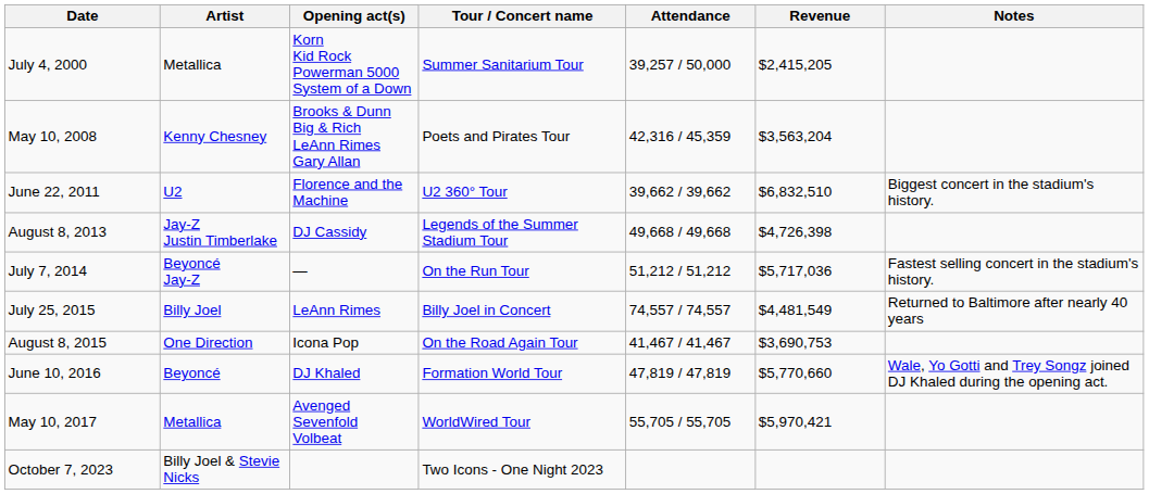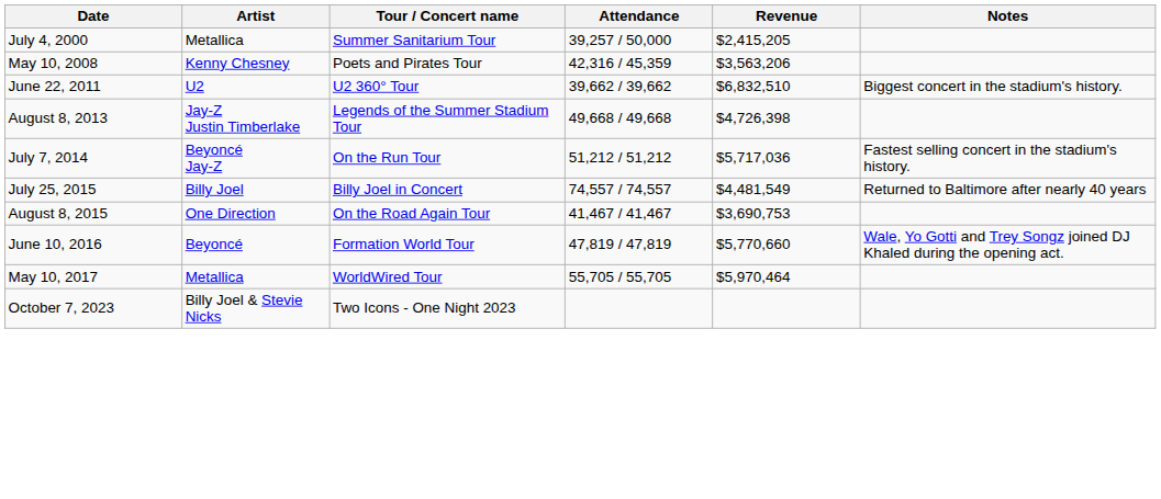 <table class="wikitable" style=font-size:100% style="text-align:center">
 <tr>
 <th width=12% style="text-align:center;">Date</th>
 <th width=10% style="text-align:center;">Artist</th>
-<th width=10% style="text-align:center;">Opening act(s)</th>
 <th width=16% style="text-align:center;">Tour / Concert name</th>
 <th width=10% style="text-align:center;">Attendance</th>
 <th width=10% style="text-align:center;">Revenue</th>
 <th width=20% style="text-align:center;">Notes</th>
 </tr>
 <tr>
 <td>July 4, 2000</td>
 <td>Metallica</td>
-<td><a href='#'>Korn</a><br><a href='#'>Kid Rock</a><br><a href='#'>Powerman 5000</a><br><a href='#'>System of a Down</a></td>
 <td><a href='#'>Summer Sanitarium Tour</a></td>
 <td>39,257 / 50,000</td>
 <td>$2,415,205</td>
 <td></td>
 </tr>
 <tr>
 <td>May 10, 2008</td>
 <td><a href='#'>Kenny Chesney</a></td>
-<td><a href='#'>Brooks & Dunn</a><br><a href='#'>Big & Rich</a><br><a href='#'>LeAnn Rimes</a><br><a href='#'>Gary Allan</a></td>
 <td>Poets and Pirates Tour</td>
 <td>42,316 / 45,359</td>
-<td>$3,563,204</td>
+<td>$3,563,206</td>
 <td></td>
 </tr>
 <tr>
 <td>June 22, 2011</td>
 <td><a href='#'>U2</a></td>
-<td><a href='#'>Florence and the Machine</a></td>
 <td><a href='#'>U2 360° Tour</a></td>
 <td>39,662 / 39,662</td>
 <td>$6,832,510</td>
 <td>Biggest concert in the stadium's history.</td>
 </tr>
 <tr>
 <td>August 8, 2013</td>
 <td><a href='#'>Jay-Z</a><br><a href='#'>Justin Timberlake</a></td>
-<td><a href='#'>DJ Cassidy</a></td>
 <td><a href='#'>Legends of the Summer Stadium Tour</a></td>
 <td>49,668 / 49,668</td>
 <td>$4,726,398</td>
 <td></td>
 </tr>
 <tr>
 <td>July 7, 2014</td>
 <td><a href='#'>Beyoncé</a><br><a href='#'>Jay-Z</a></td>
-<td>—</td>
 <td><a href='#'>On the Run Tour</a></td>
 <td>51,212 / 51,212</td>
 <td>$5,717,036</td>
 <td>Fastest selling concert in the stadium's history.</td>
 </tr>
 <tr>
 <td>July 25, 2015</td>
 <td><a href='#'>Billy Joel</a></td>
-<td><a href='#'>LeAnn Rimes</a></td>
 <td><a href='#'>Billy Joel in Concert</a></td>
 <td>74,557 / 74,557</td>
 <td>$4,481,549</td>
 <td>Returned to Baltimore after nearly 40 years</td>
 </tr>
 <tr>
 <td>August 8, 2015</td>
 <td><a href='#'>One Direction</a></td>
-<td>Icona Pop</td>
 <td><a href='#'>On the Road Again Tour</a></td>
 <td>41,467 / 41,467</td>
 <td>$3,690,753</td>
 <td></td>
 </tr>
 <tr>
 <td>June 10, 2016</td>
 <td><a href='#'>Beyoncé</a></td>
-<td><a href='#'>DJ Khaled</a></td>
 <td><a href='#'>Formation World Tour</a></td>
 <td>47,819 / 47,819</td>
 <td>$5,770,660</td>
 <td><a href='#'>Wale</a>, <a href='#'>Yo Gotti</a> and <a href='#'>Trey Songz</a> joined DJ Khaled during the opening act.</td>
 </tr>
 <tr>
 <td>May 10, 2017</td>
 <td><a href='#'>Metallica</a></td>
-<td><a href='#'>Avenged Sevenfold</a><br><a href='#'>Volbeat</a></td>
 <td><a href='#'>WorldWired Tour</a></td>
 <td>55,705 / 55,705</td>
-<td>$5,970,421</td>
+<td>$5,970,464</td>
 <td></td>
 </tr>
 <tr>
 <td>October 7, 2023</td>
 <td>Billy Joel & <a href='#'>Stevie Nicks</a></td>
-<td></td>
 <td>Two Icons - One Night 2023</td>
 <td></td>
 <td></td>
 <td></td>
 </tr>
 </table>
